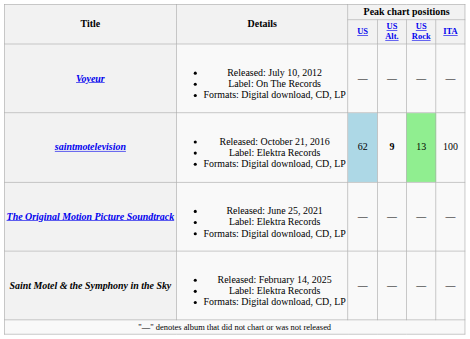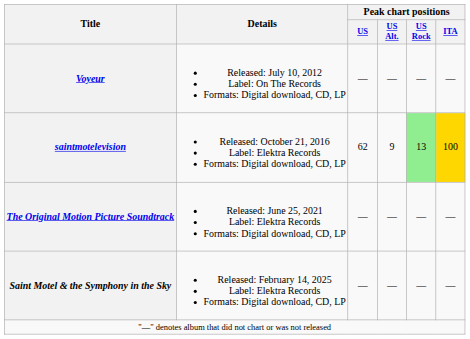 <table class="wikitable plainrowheaders" style="text-align:center;" border="1">
 <tr>
 <th scope="col" rowspan="2">Title</th>
 <th scope="col" rowspan="2">Details</th>
 <th scope="col" colspan="4">Peak chart positions</th>
 </tr>
 <tr>
 <th scope="col" style="width:3em;font-size:85%;"><a href='#'>US</a><br></th>
 <th scope="col" style="width:3em;font-size:85%;"><a href='#'>US<br>Alt.</a><br></th>
 <th scope="col" style="width:3em;font-size:85%;"><a href='#'>US<br>Rock</a><br></th>
 <th scope="col" style="width:3em;font-size:85%;"><a href='#'>ITA</a><br></th>
 </tr>
 <tr>
 <th scope="row"><em><a href='#'>Voyeur</a></em></th>
 <td><br><ul><li>Released: July 10, 2012</li><li>Label: On The Records</li><li>Formats: Digital download, CD, LP</li></ul></td>
 <td>—</td>
 <td>—</td>
 <td>—</td>
 <td>—</td>
 </tr>
 <tr>
 <th scope="row"><em><a href='#'>saintmotelevision</a></em></th>
 <td><br><ul><li>Released: October 21, 2016</li><li>Label: Elektra Records</li><li>Formats: Digital download, CD, LP</li></ul></td>
-<td style="background: lightblue;">62</td>
-<td><strong>9</strong></td>
+<td>62</td>
+<td>9</td>
 <td style="background: lightgreen;">13</td>
-<td>100</td>
+<td style="background: gold;">100</td>
 </tr>
 <tr>
 <th scope="row"><em><a href='#'>The Original Motion Picture Soundtrack</a></em></th>
 <td><br><ul><li>Released: June 25, 2021</li><li>Label: Elektra Records</li><li>Formats: Digital download, CD, LP</li></ul></td>
 <td>—</td>
 <td>—</td>
 <td>—</td>
 <td>—</td>
 </tr>
 <tr>
 <th scope="row"><em>Saint Motel & the Symphony in the Sky</em></th>
 <td><br><ul><li>Released: February 14, 2025</li><li>Label: Elektra Records</li><li>Formats: Digital download, CD, LP</li></ul></td>
 <td>—</td>
 <td>—</td>
 <td>—</td>
 <td>—</td>
 </tr>
 <tr>
 <td colspan="18" style="text-align:center; font-size:85%;">"—" denotes album that did not chart or was not released</td>
 </tr>
 </table>
